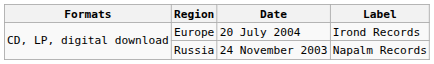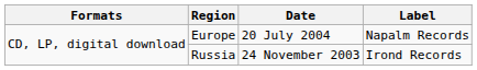 <table class="wikitable plainrowheaders">
 <tr>
 <th scope="col">Formats</th>
 <th scope="col">Region</th>
 <th scope="col">Date</th>
 <th scope="col">Label</th>
 </tr>
 <tr>
 <td rowspan=2>CD, LP, digital download</td>
 <td>Europe</td>
 <td>20 July 2004</td>
-<td>Irond Records</td>
+<td>Napalm Records</td>
 </tr>
 <tr>
 <td>Russia</td>
 <td>24 November 2003</td>
-<td>Napalm Records</td>
+<td>Irond Records</td>
 </tr>
 </table>
